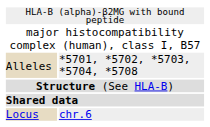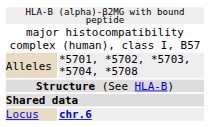 <table id="drugInfoBox" style="float: right; clear: right; margin: 0 0 0.5em 1em; background: #ffffff;" class="toccolours" border=0 cellpadding=0 align="right" width="240px">
 <tr align="center">
 <td colspan="3"></td>
 </tr>
 <tr style="text-align: center; line-height: 0.75;background:#eeeeee">
 <td colspan="3" color="white"><small>HLA-B (alpha)-β2MG with bound peptide</small></td>
 </tr>
 <tr>
 <td align="center" colspan="3"><div>major histocompatibility complex (human), class I, B57</div></td>
 </tr>
 <tr>
 <td bgcolor="#e7dcc3">Alleles</td>
 <td colspan = 2  bgcolor="#eeeeee">*5701, *5702, *5703, *5704, *5708</td>
 </tr>
 <tr align="center">
 <td colspan="3" bgcolor="#dddddd"><strong>Structure</strong> (See <a href='#'>HLA-B</a>)</td>
 </tr>
 <tr>
 <td colspan="2" bgcolor="#dddddd"><strong>Shared data</strong></td>
 </tr>
 <tr>
 <td bgcolor="#e7dcc3"><a href='#'>Locus</a></td>
-<td bgcolor="#eeeeee"><a href='#'>chr.6</a> <em></em></td>
+<td bgcolor="#eeeeee"><strong><a href='#'>chr.6</a> <em></em></strong></td>
 </tr>
 </table>
